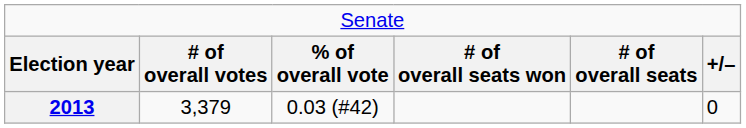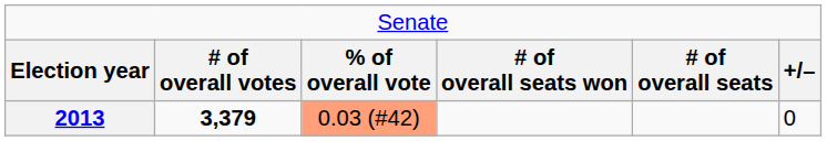 <table class=wikitable>
 <tr>
 <td align=center colspan=7><a href='#'>Senate</a></td>
 </tr>
 <tr>
 <th>Election year</th>
 <th># of<br>overall votes</th>
 <th>% of<br>overall vote</th>
 <th># of<br>overall seats won</th>
 <th># of<br>overall seats</th>
 <th>+/–</th>
 </tr>
 <tr>
 <th><a href='#'>2013</a></th>
-<td align=center>3,379</td>
-<td align=center>0.03 (#42)</td>
+<td align=center><strong>3,379</strong></td>
+<td align=center style="background: lightsalmon;">0.03 (#42)</td>
 <td></td>
 <td></td>
 <td> 0</td>
 </tr>
 </table>
